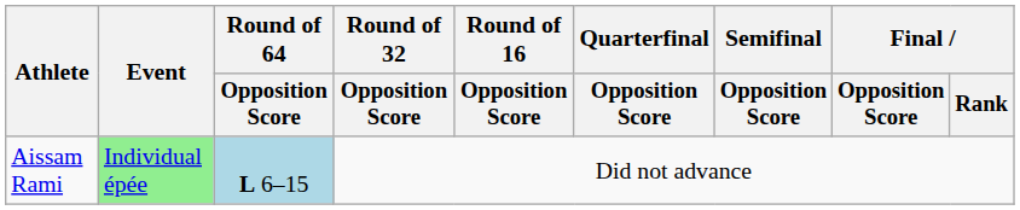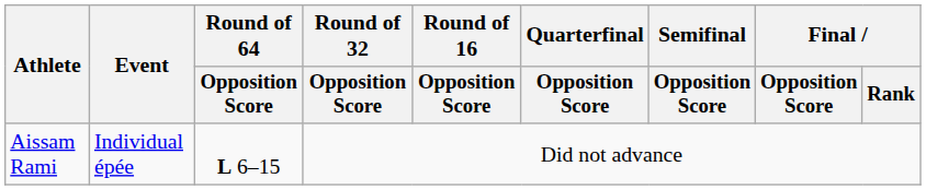 <table class="wikitable" style="font-size:90%">
 <tr>
 <th rowspan="2">Athlete</th>
 <th rowspan="2">Event</th>
 <th>Round of 64</th>
 <th>Round of 32</th>
 <th>Round of 16</th>
 <th>Quarterfinal</th>
 <th>Semifinal</th>
 <th colspan=2>Final / </th>
 </tr>
 <tr style="font-size:95%">
 <th>Opposition <br> Score</th>
 <th>Opposition <br> Score</th>
 <th>Opposition <br> Score</th>
 <th>Opposition <br> Score</th>
 <th>Opposition <br> Score</th>
 <th>Opposition <br> Score</th>
 <th>Rank</th>
 </tr>
 <tr align=center>
 <td align=left><a href='#'>Aissam Rami</a></td>
-<td align=left style="background: lightgreen;"><a href='#'>Individual épée</a></td>
-<td style="background: lightblue;"><br><strong>L</strong> 6–15</td>
+<td align=left><a href='#'>Individual épée</a></td>
+<td><br><strong>L</strong> 6–15</td>
 <td colspan=6>Did not advance</td>
 </tr>
 </table>
